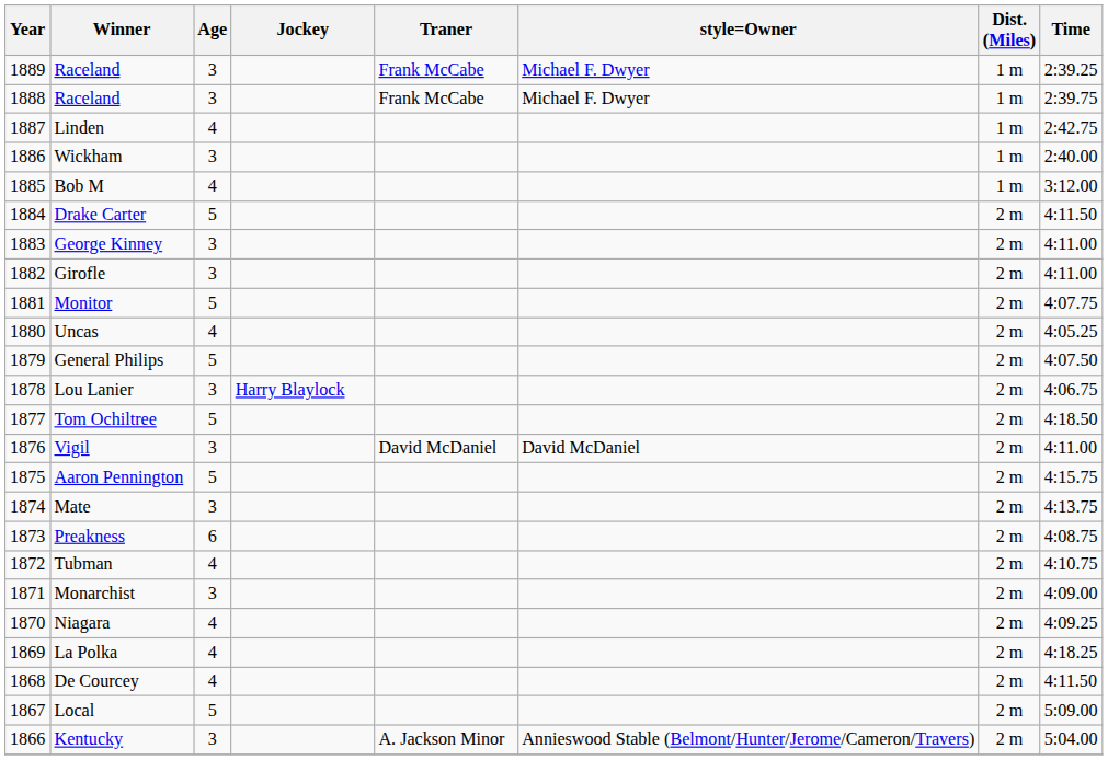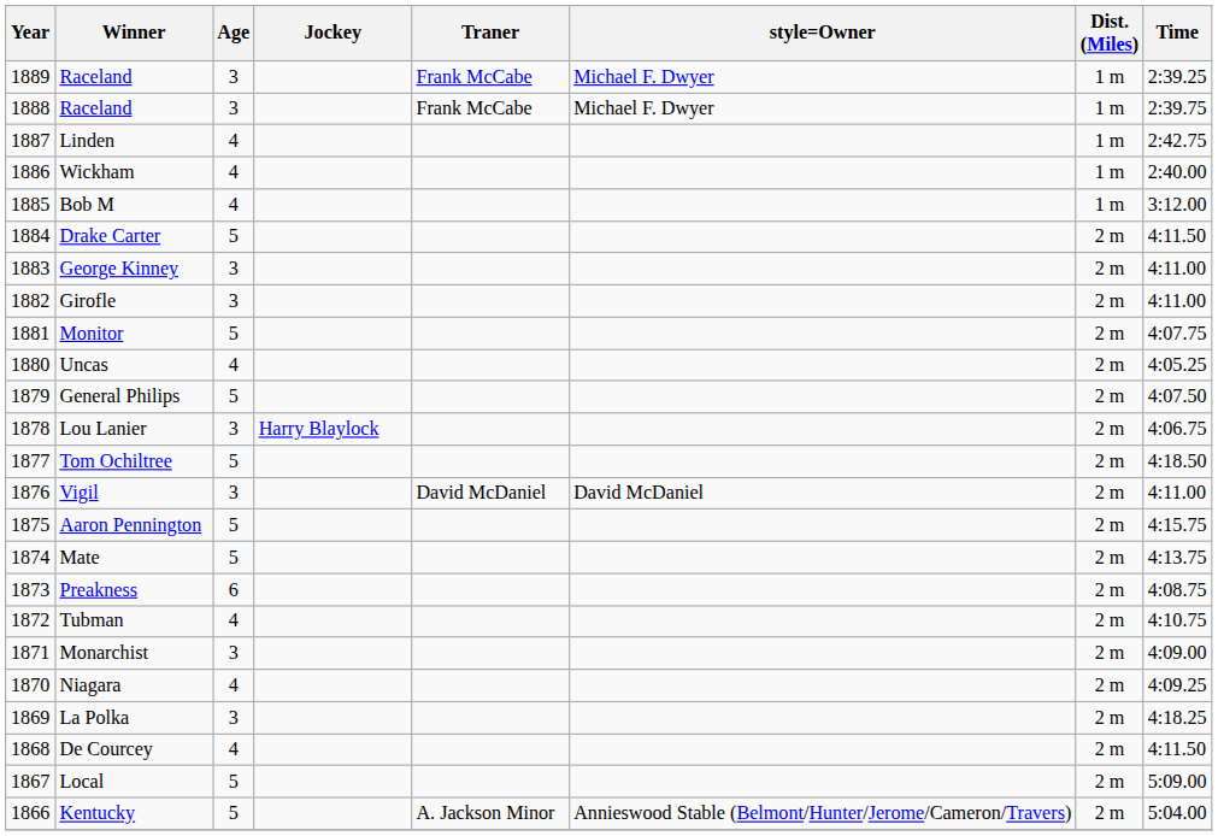 <table class="wikitable sortable" style="font-size:90%">
 <tr>
 <th style="width:30px">Year<br></th>
 <th style="width:110px">Winner<br></th>
 <th style="width:20px">Age<br></th>
 <th style="width:110px">Jockey<br></th>
 <th style="width:110px">Traner<br></th>
 <th>style=Owner<br></th>
 <th style="width:35px">Dist.<br> <span>(<a href='#'>Miles</a>)</span></th>
 <th style="width:25px">Time<br></th>
 </tr>
 <tr>
 <td align=center>1889</td>
 <td><a href='#'>Raceland</a></td>
 <td align=center>3</td>
 <td></td>
 <td><a href='#'>Frank McCabe</a></td>
 <td><a href='#'>Michael F. Dwyer</a></td>
 <td align=center>1<span></span> m</td>
 <td>2:39.25</td>
 </tr>
 <tr>
 <td align=center>1888</td>
 <td><a href='#'>Raceland</a></td>
 <td align=center>3</td>
 <td></td>
 <td>Frank McCabe</td>
 <td>Michael F. Dwyer</td>
 <td align=center>1<span></span> m</td>
 <td>2:39.75</td>
 </tr>
 <tr>
 <td align=center>1887</td>
 <td>Linden</td>
 <td align=center>4</td>
 <td></td>
 <td></td>
 <td></td>
 <td align=center>1<span></span> m</td>
 <td>2:42.75</td>
 </tr>
 <tr>
 <td align=center>1886</td>
 <td>Wickham</td>
-<td align=center>3</td>
+<td align=center>4</td>
 <td></td>
 <td></td>
 <td></td>
 <td align=center>1<span></span> m</td>
 <td>2:40.00</td>
 </tr>
 <tr>
 <td align=center>1885</td>
 <td>Bob M</td>
 <td align=center>4</td>
 <td></td>
 <td></td>
 <td></td>
 <td align=center>1<span></span> m</td>
 <td align=center>3:12.00</td>
 </tr>
 <tr>
 <td align=center>1884</td>
 <td><a href='#'>Drake Carter</a></td>
 <td align=center>5</td>
 <td></td>
 <td></td>
 <td></td>
 <td align=center>2<span></span> m</td>
 <td>4:11.50</td>
 </tr>
 <tr>
 <td align=center>1883</td>
 <td><a href='#'>George Kinney</a></td>
 <td align=center>3</td>
 <td></td>
 <td></td>
 <td></td>
 <td align=center>2<span></span> m</td>
 <td>4:11.00</td>
 </tr>
 <tr>
 <td align=center>1882</td>
 <td>Girofle</td>
 <td align=center>3</td>
 <td></td>
 <td></td>
 <td></td>
 <td align=center>2<span></span> m</td>
 <td>4:11.00</td>
 </tr>
 <tr>
 <td align=center>1881</td>
 <td><a href='#'>Monitor</a></td>
 <td align=center>5</td>
 <td></td>
 <td></td>
 <td></td>
 <td align=center>2<span></span> m</td>
 <td>4:07.75</td>
 </tr>
 <tr>
 <td align=center>1880</td>
 <td>Uncas</td>
 <td align=center>4</td>
 <td></td>
 <td></td>
 <td></td>
 <td align=center>2<span></span> m</td>
 <td>4:05.25</td>
 </tr>
 <tr>
 <td align=center>1879</td>
 <td>General Philips</td>
 <td align=center>5</td>
 <td></td>
 <td></td>
 <td></td>
 <td align=center>2<span></span> m</td>
 <td>4:07.50</td>
 </tr>
 <tr>
 <td align=center>1878</td>
 <td>Lou Lanier</td>
 <td align=center>3</td>
 <td><a href='#'>Harry Blaylock</a></td>
 <td></td>
 <td></td>
 <td align=center>2<span></span> m</td>
 <td>4:06.75</td>
 </tr>
 <tr>
 <td align=center>1877</td>
 <td><a href='#'>Tom Ochiltree</a></td>
 <td align=center>5</td>
 <td></td>
 <td></td>
 <td></td>
 <td align=center>2<span></span> m</td>
 <td>4:18.50</td>
 </tr>
 <tr>
 <td align=center>1876</td>
 <td><a href='#'>Vigil</a></td>
 <td align=center>3</td>
 <td></td>
 <td>David McDaniel</td>
 <td>David McDaniel</td>
 <td align=center>2<span></span> m</td>
 <td>4:11.00</td>
 </tr>
 <tr>
 <td align=center>1875</td>
 <td><a href='#'>Aaron Pennington</a></td>
 <td align=center>5</td>
 <td></td>
 <td></td>
 <td></td>
 <td align=center>2<span></span> m</td>
 <td>4:15.75</td>
 </tr>
 <tr>
 <td align=center>1874</td>
 <td>Mate</td>
-<td align=center>3</td>
+<td align=center>5</td>
 <td></td>
 <td></td>
 <td></td>
 <td align=center>2<span></span> m</td>
 <td>4:13.75</td>
 </tr>
 <tr>
 <td align=center>1873</td>
 <td><a href='#'>Preakness</a></td>
 <td align=center>6</td>
 <td></td>
 <td></td>
 <td></td>
 <td align=center>2<span></span> m</td>
 <td>4:08.75</td>
 </tr>
 <tr>
 <td align=center>1872</td>
 <td>Tubman</td>
 <td align=center>4</td>
 <td></td>
 <td></td>
 <td></td>
 <td align=center>2<span></span> m</td>
 <td>4:10.75</td>
 </tr>
 <tr>
 <td align=center>1871</td>
 <td>Monarchist</td>
 <td align=center>3</td>
 <td></td>
 <td></td>
 <td></td>
 <td align=center>2<span></span> m</td>
 <td>4:09.00</td>
 </tr>
 <tr>
 <td align=center>1870</td>
 <td>Niagara</td>
 <td align=center>4</td>
 <td></td>
 <td></td>
 <td></td>
 <td align=center>2<span></span> m</td>
 <td>4:09.25</td>
 </tr>
 <tr>
 <td align=center>1869</td>
 <td>La Polka</td>
-<td align=center>4</td>
+<td align=center>3</td>
 <td></td>
 <td></td>
 <td></td>
 <td align=center>2<span></span> m</td>
 <td>4:18.25</td>
 </tr>
 <tr>
 <td align=center>1868</td>
 <td>De Courcey</td>
 <td align=center>4</td>
 <td></td>
 <td></td>
 <td></td>
 <td align=center>2<span></span> m</td>
 <td>4:11.50</td>
 </tr>
 <tr>
 <td align=center>1867</td>
 <td>Local</td>
 <td align=center>5</td>
 <td></td>
 <td></td>
 <td></td>
 <td align=center>2<span></span> m</td>
 <td>5:09.00</td>
 </tr>
 <tr>
 <td align=center>1866</td>
 <td><a href='#'>Kentucky</a></td>
-<td align=center>3</td>
+<td align=center>5</td>
 <td></td>
 <td>A. Jackson Minor</td>
 <td>Annieswood Stable (<a href='#'>Belmont</a>/<a href='#'>Hunter</a>/<a href='#'>Jerome</a>/Cameron/<a href='#'>Travers</a>)</td>
 <td align=center>2<span></span> m</td>
 <td>5:04.00</td>
 </tr>
 <tr>
 </tr>
 </table>
